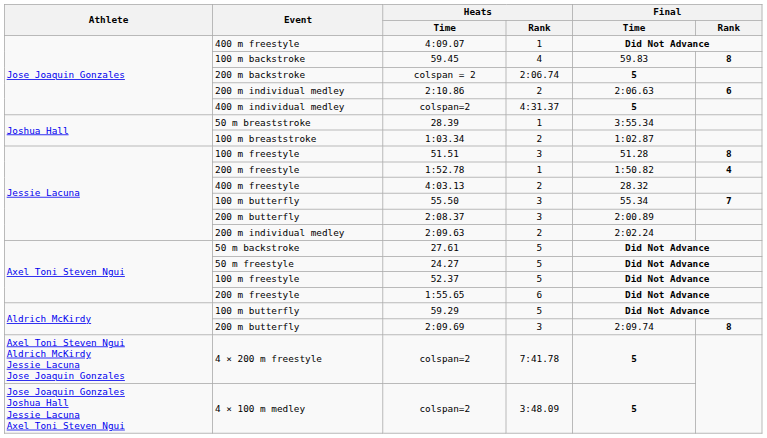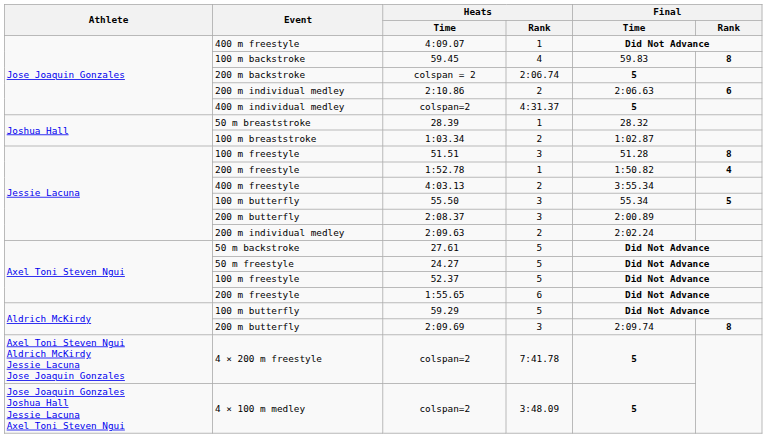 <table class="wikitable" width="75%" style="text-align:center; font-size:90%">
 <tr>
 <th rowspan="2" width="22%">Athlete</th>
 <th rowspan="2" width="18%">Event</th>
 <th colspan="2" width="20%">Heats</th>
 <th colspan="2" width="20%">Final</th>
 </tr>
 <tr>
 <th width="13%">Time</th>
 <th>Rank</th>
 <th width="13%">Time</th>
 <th>Rank</th>
 </tr>
 <tr>
 <td rowspan="5" align="left"><a href='#'>Jose Joaquin Gonzales</a></td>
 <td style="text-align:left;">400 m freestyle</td>
 <td>4:09.07</td>
 <td>1</td>
 <td colspan=2><strong>Did Not Advance</strong></td>
 </tr>
 <tr>
 <td style="text-align:left;">100 m backstroke</td>
 <td>59.45</td>
 <td>4 <strong></strong></td>
 <td>59.83</td>
 <td><strong>8</strong></td>
 </tr>
 <tr>
 <td style="text-align:left;">200 m backstroke</td>
 <td>colspan = 2 </td>
 <td>2:06.74</td>
 <td><strong>5</strong></td>
 </tr>
 <tr>
 <td style="text-align:left;">200 m individual medley</td>
 <td>2:10.86</td>
 <td>2 <strong></strong></td>
 <td>2:06.63</td>
 <td><strong>6</strong></td>
 </tr>
 <tr>
 <td style="text-align:left;">400 m individual medley</td>
 <td>colspan=2 </td>
 <td>4:31.37</td>
 <td><strong>5</strong></td>
 </tr>
 <tr>
 <td rowspan="2" align="left"><a href='#'>Joshua Hall</a></td>
 <td style="text-align:left;">50 m breaststroke</td>
 <td>28.39</td>
 <td>1 <strong></strong></td>
-<td>3:55.34</td>
+<td>28.32</td>
 <td></td>
 </tr>
 <tr>
 <td style="text-align:left;">100 m breaststroke</td>
 <td>1:03.34</td>
 <td>2 <strong></strong></td>
 <td>1:02.87</td>
 <td></td>
 </tr>
 <tr>
 <td rowspan="6" align="left"><a href='#'>Jessie Lacuna</a></td>
 <td style="text-align:left;">100 m freestyle</td>
 <td>51.51</td>
 <td>3 <strong></strong></td>
 <td>51.28</td>
 <td><strong>8</strong></td>
 </tr>
 <tr>
 <td style="text-align:left;">200 m freestyle</td>
 <td>1:52.78</td>
 <td>1 <strong></strong></td>
 <td>1:50.82</td>
 <td><strong>4</strong></td>
 </tr>
 <tr>
 <td style="text-align:left;">400 m freestyle</td>
 <td>4:03.13</td>
 <td>2 <strong></strong></td>
-<td>28.32</td>
+<td>3:55.34</td>
 <td></td>
 </tr>
 <tr>
 <td style="text-align:left;">100 m butterfly</td>
 <td>55.50</td>
 <td>3 <strong></strong></td>
 <td>55.34</td>
-<td><strong>7</strong></td>
+<td><strong>5</strong></td>
 </tr>
 <tr>
 <td style="text-align:left;">200 m butterfly</td>
 <td>2:08.37</td>
 <td>3 <strong></strong></td>
 <td>2:00.89</td>
 <td></td>
 </tr>
 <tr>
 <td style="text-align:left;">200 m individual medley</td>
 <td>2:09.63</td>
 <td>2 <strong></strong></td>
 <td>2:02.24</td>
 <td></td>
 </tr>
 <tr>
 <td rowspan="4" align="left"><a href='#'>Axel Toni Steven Ngui</a></td>
 <td style="text-align:left;">50 m backstroke</td>
 <td>27.61</td>
 <td>5</td>
 <td colspan=2><strong>Did Not Advance</strong></td>
 </tr>
 <tr>
 <td style="text-align:left;">50 m freestyle</td>
 <td>24.27</td>
 <td>5</td>
 <td colspan="2"><strong>Did Not Advance</strong></td>
 </tr>
 <tr>
 <td style="text-align:left;">100 m freestyle</td>
 <td>52.37</td>
 <td>5</td>
 <td colspan=2><strong>Did Not Advance</strong></td>
 </tr>
 <tr>
 <td style="text-align:left;">200 m freestyle</td>
 <td>1:55.65</td>
 <td>6</td>
 <td colspan=2><strong>Did Not Advance</strong></td>
 </tr>
 <tr>
 <td rowspan="2" align="left"><a href='#'>Aldrich McKirdy</a></td>
 <td style="text-align:left;">100 m butterfly</td>
 <td>59.29</td>
 <td>5</td>
 <td colspan=2><strong>Did Not Advance</strong></td>
 </tr>
 <tr>
 <td style="text-align:left;">200 m butterfly</td>
 <td>2:09.69</td>
 <td>3 <strong></strong></td>
 <td>2:09.74</td>
 <td><strong>8</strong></td>
 </tr>
 <tr>
 <td align="left"><a href='#'>Axel Toni Steven Ngui</a><br><a href='#'>Aldrich McKirdy</a><br><a href='#'>Jessie Lacuna</a><br><a href='#'>Jose Joaquin Gonzales</a></td>
 <td style="text-align:left;">4 × 200 m freestyle</td>
 <td>colspan=2 </td>
 <td>7:41.78</td>
 <td><strong>5</strong></td>
 </tr>
 <tr>
 <td style="text-align:left;"><a href='#'>Jose Joaquin Gonzales</a><br><a href='#'>Joshua Hall</a><br><a href='#'>Jessie Lacuna</a><br><a href='#'>Axel Toni Steven Ngui</a></td>
 <td style="text-align:left;">4 × 100 m medley</td>
 <td>colspan=2 </td>
 <td>3:48.09</td>
 <td><strong>5</strong></td>
 </tr>
 </table>
